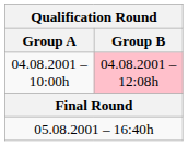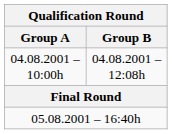 <table class="wikitable" style=" text-align:center; font-size:110%;" width="35%">
 <tr>
 <th colspan="2">Qualification Round</th>
 </tr>
 <tr>
 <th>Group A</th>
 <th>Group B</th>
 </tr>
 <tr>
 <td>04.08.2001 – 10:00h</td>
-<td style="background: pink;">04.08.2001 – 12:08h</td>
+<td>04.08.2001 – 12:08h</td>
 </tr>
 <tr>
 <th colspan="2">Final Round</th>
 </tr>
 <tr>
 <td colspan="2">05.08.2001 – 16:40h</td>
 </tr>
 </table>
